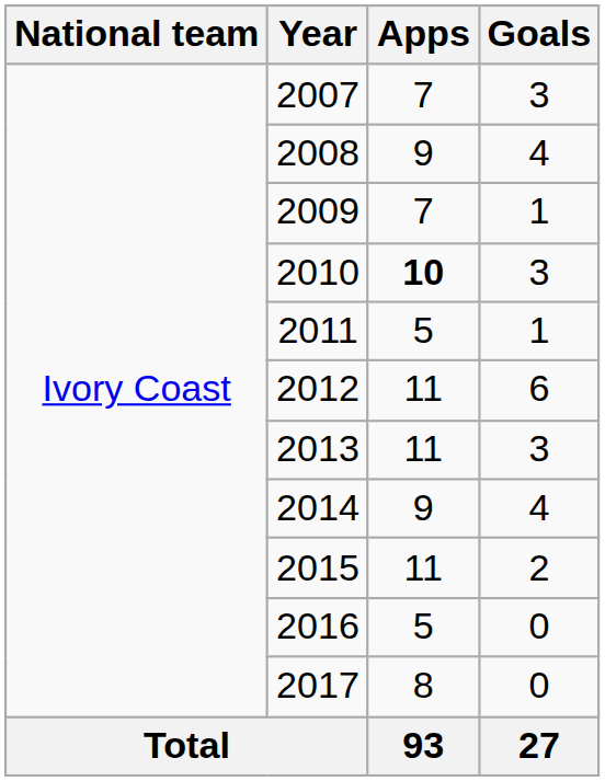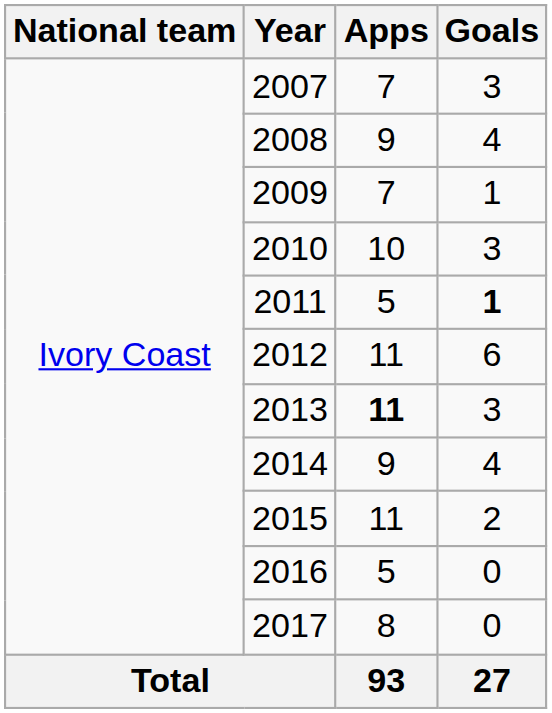 <table class="wikitable" style="text-align: center;">
 <tr>
 <th>National team</th>
 <th>Year</th>
 <th>Apps</th>
 <th>Goals</th>
 </tr>
 <tr>
 <td rowspan="11" valign="center"><a href='#'>Ivory Coast</a></td>
 <td>2007</td>
 <td>7</td>
 <td>3</td>
 </tr>
 <tr>
 <td>2008</td>
 <td>9</td>
 <td>4</td>
 </tr>
 <tr>
 <td>2009</td>
 <td>7</td>
 <td>1</td>
 </tr>
 <tr>
 <td>2010</td>
-<td><strong>10</strong></td>
+<td>10</td>
 <td>3</td>
 </tr>
 <tr>
 <td>2011</td>
 <td>5</td>
-<td>1</td>
+<td><strong>1</strong></td>
 </tr>
 <tr>
 <td>2012</td>
 <td>11</td>
 <td>6</td>
 </tr>
 <tr>
 <td>2013</td>
-<td>11</td>
+<td><strong>11</strong></td>
 <td>3</td>
 </tr>
 <tr>
 <td>2014</td>
 <td>9</td>
 <td>4</td>
 </tr>
 <tr>
 <td>2015</td>
 <td>11</td>
 <td>2</td>
 </tr>
 <tr>
 <td>2016</td>
 <td>5</td>
 <td>0</td>
 </tr>
 <tr>
 <td>2017</td>
 <td>8</td>
 <td>0</td>
 </tr>
 <tr>
 <th colspan="2">Total</th>
 <th>93</th>
 <th>27</th>
 </tr>
 </table>
